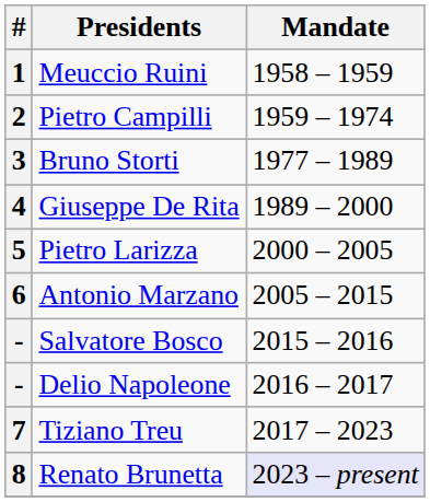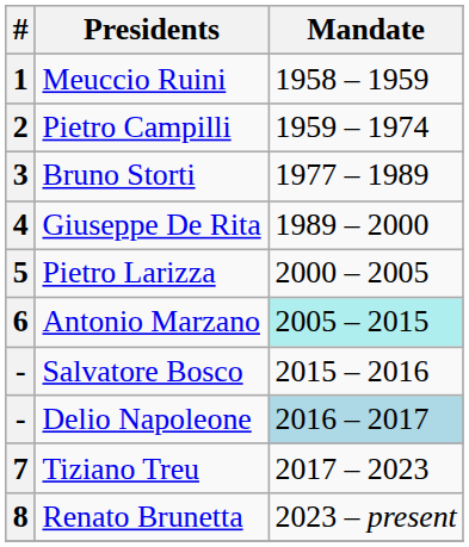 <table class=wikitable sortable>
 <tr>
 <th>#</th>
 <th>Presidents</th>
 <th>Mandate</th>
 </tr>
 <tr>
 <th>1</th>
 <td><a href='#'>Meuccio Ruini</a></td>
 <td>1958 – 1959</td>
 </tr>
 <tr>
 <th>2</th>
 <td><a href='#'>Pietro Campilli</a></td>
 <td>1959 – 1974</td>
 </tr>
 <tr>
 <th>3</th>
 <td><a href='#'>Bruno Storti</a></td>
 <td>1977 – 1989</td>
 </tr>
 <tr>
 <th>4</th>
 <td><a href='#'>Giuseppe De Rita</a></td>
 <td>1989 – 2000</td>
 </tr>
 <tr>
 <th>5</th>
 <td><a href='#'>Pietro Larizza</a></td>
 <td>2000 – 2005</td>
 </tr>
 <tr>
 <th>6</th>
 <td><a href='#'>Antonio Marzano</a></td>
-<td>2005 – 2015</td>
+<td style="background: paleturquoise;">2005 – 2015</td>
 </tr>
 <tr>
 <th>-</th>
 <td><a href='#'>Salvatore Bosco</a><br></td>
 <td>2015 – 2016</td>
 </tr>
 <tr>
 <th>-</th>
 <td><a href='#'>Delio Napoleone</a><br></td>
-<td>2016 – 2017</td>
+<td style="background: lightblue;">2016 – 2017</td>
 </tr>
 <tr>
 <th>7</th>
 <td><a href='#'>Tiziano Treu</a></td>
 <td>2017 – 2023</td>
 </tr>
 <tr>
 <th>8</th>
 <td><a href='#'>Renato Brunetta</a></td>
-<td style="background: lavender;">2023 – <em>present</em></td>
+<td>2023 – <em>present</em></td>
 </tr>
 <tr>
 </tr>
 </table>
